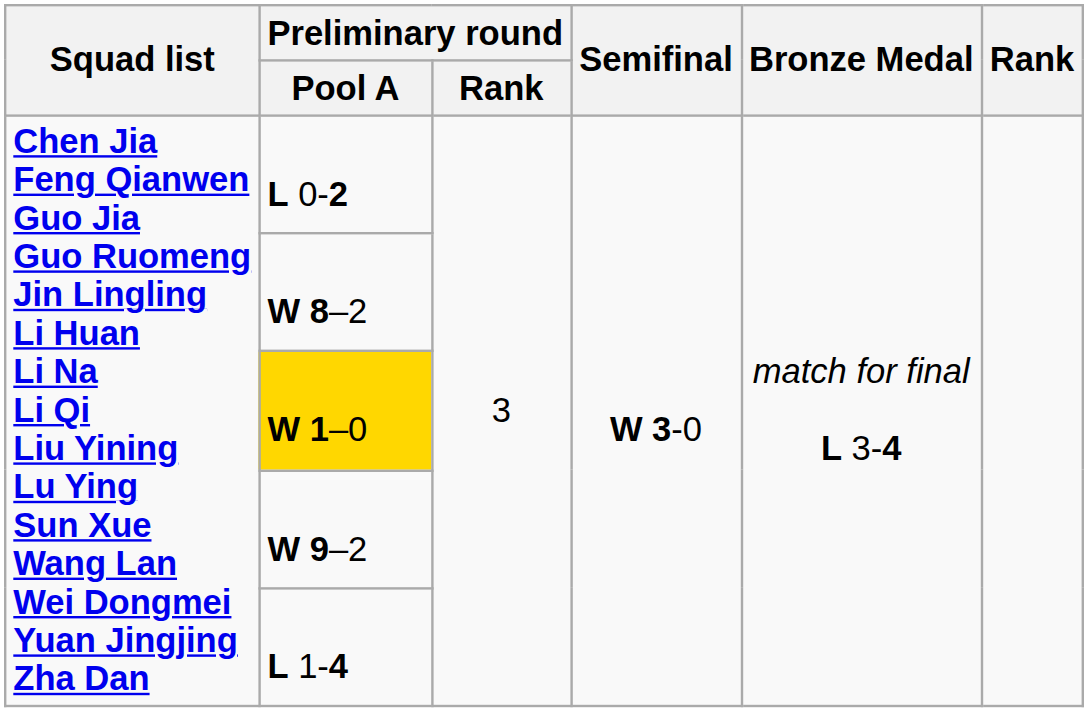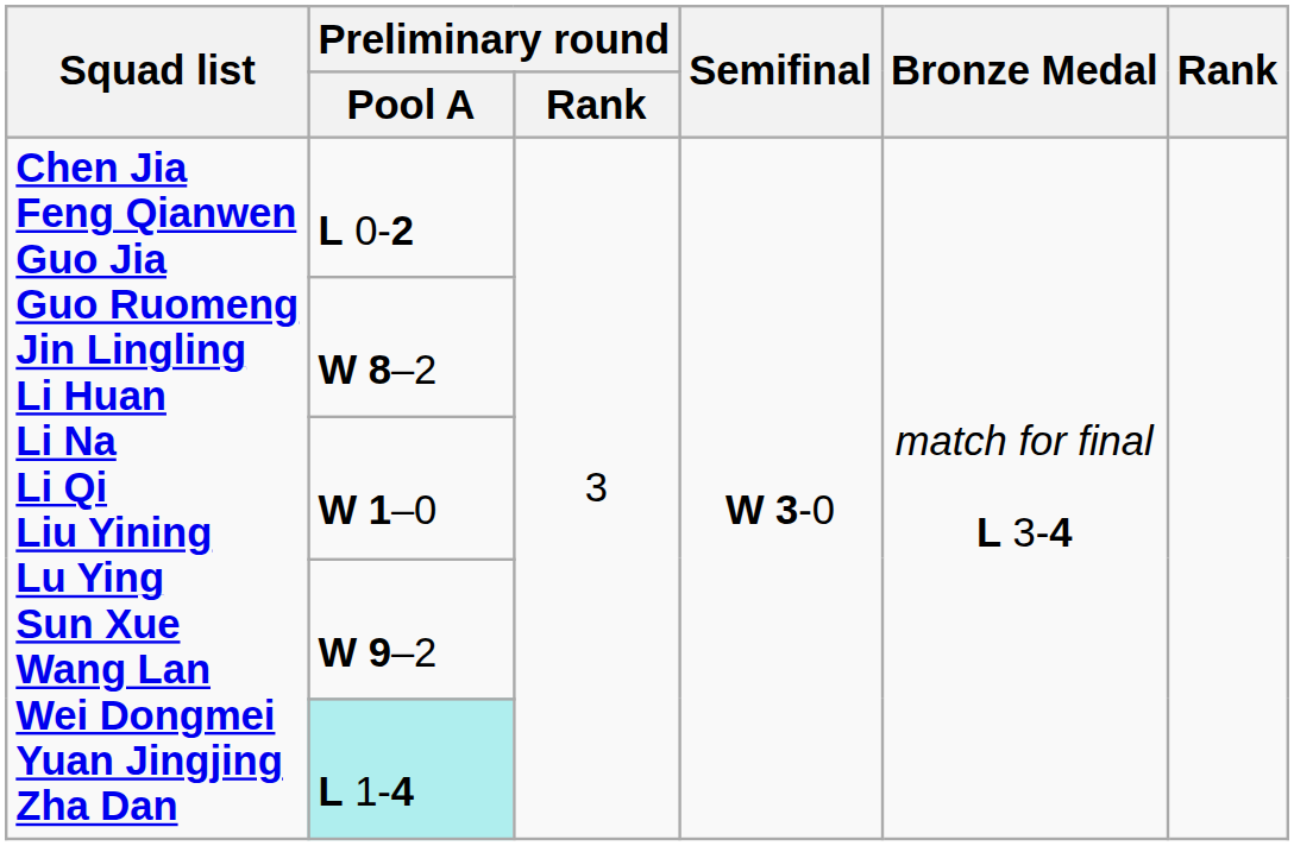 <table class="wikitable" style="text-align:left; font-size:90%">
 <tr>
 <th rowspan="2">Squad list</th>
 <th colspan="2">Preliminary round</th>
 <th rowspan="2">Semifinal</th>
 <th rowspan="2">Bronze Medal</th>
 <th rowspan="2">Rank</th>
 </tr>
 <tr>
 <th>Pool A</th>
 <th>Rank</th>
 </tr>
 <tr>
 <td rowspan=5><strong><a href='#'>Chen Jia</a><br><a href='#'>Feng Qianwen</a><br><a href='#'>Guo Jia</a><br><a href='#'>Guo Ruomeng</a><br><a href='#'>Jin Lingling</a><br><a href='#'>Li Huan</a><br><a href='#'>Li Na</a><br><a href='#'>Li Qi</a><br><a href='#'>Liu Yining</a><br><a href='#'>Lu Ying</a><br><a href='#'>Sun Xue</a><br><a href='#'>Wang Lan</a><br><a href='#'>Wei Dongmei</a><br><a href='#'>Yuan Jingjing</a><br><a href='#'>Zha Dan</a></strong></td>
 <td><br><strong>L</strong> 0-<strong>2</strong></td>
 <td rowspan="5" style="text-align:center;">3 <strong></strong></td>
 <td rowspan="5" style="text-align:center;"><br><strong>W</strong> <strong>3</strong>-0</td>
 <td rowspan="5" style="text-align:center;"><em>match for final</em><br><br><strong>L</strong> 3-<strong>4</strong></td>
 <td rowspan="5" style="text-align:center;"></td>
 </tr>
 <tr>
 <td><br><strong>W</strong> <strong>8</strong>–2</td>
 </tr>
 <tr>
-<td style="background: gold;"><br><strong>W</strong> <strong>1</strong>–0</td>
+<td><br><strong>W</strong> <strong>1</strong>–0</td>
 </tr>
 <tr>
 <td><br><strong>W</strong> <strong>9</strong>–2</td>
 </tr>
 <tr>
-<td><br><strong>L</strong> 1-<strong>4</strong></td>
+<td style="background: paleturquoise;"><br><strong>L</strong> 1-<strong>4</strong></td>
 </tr>
 </table>
